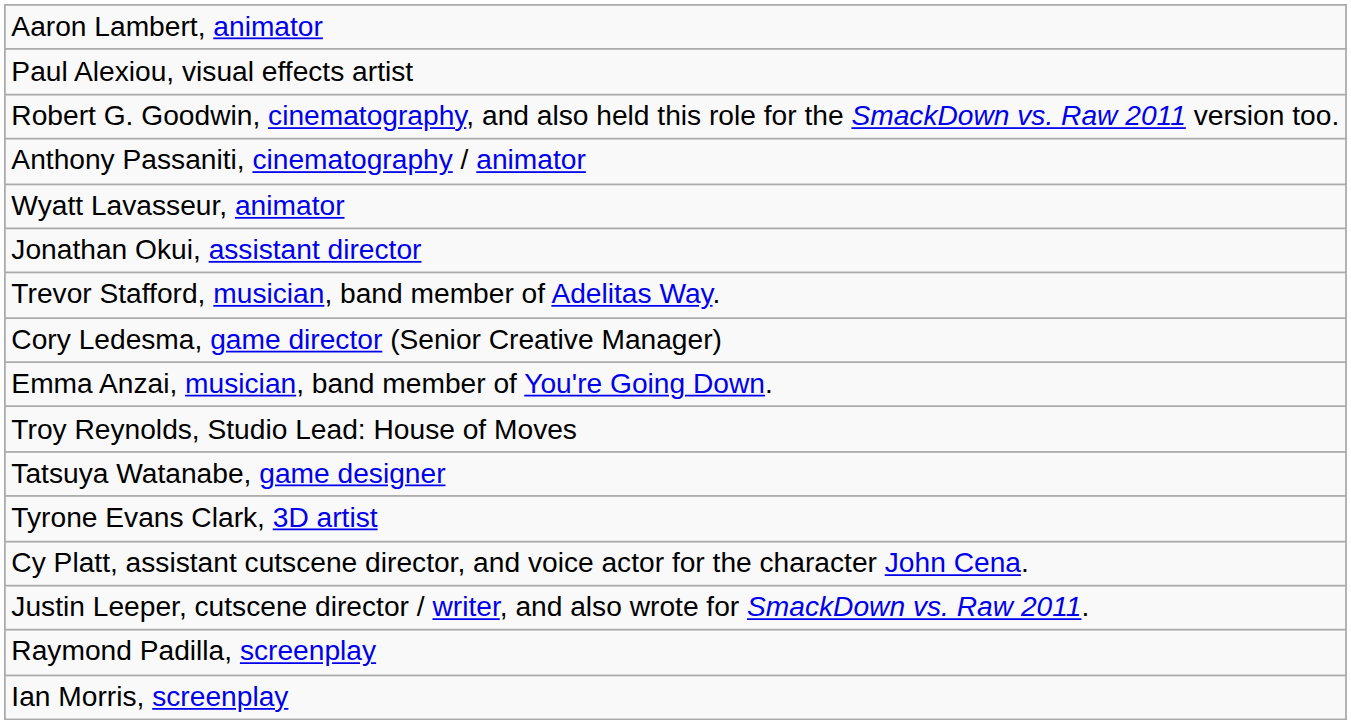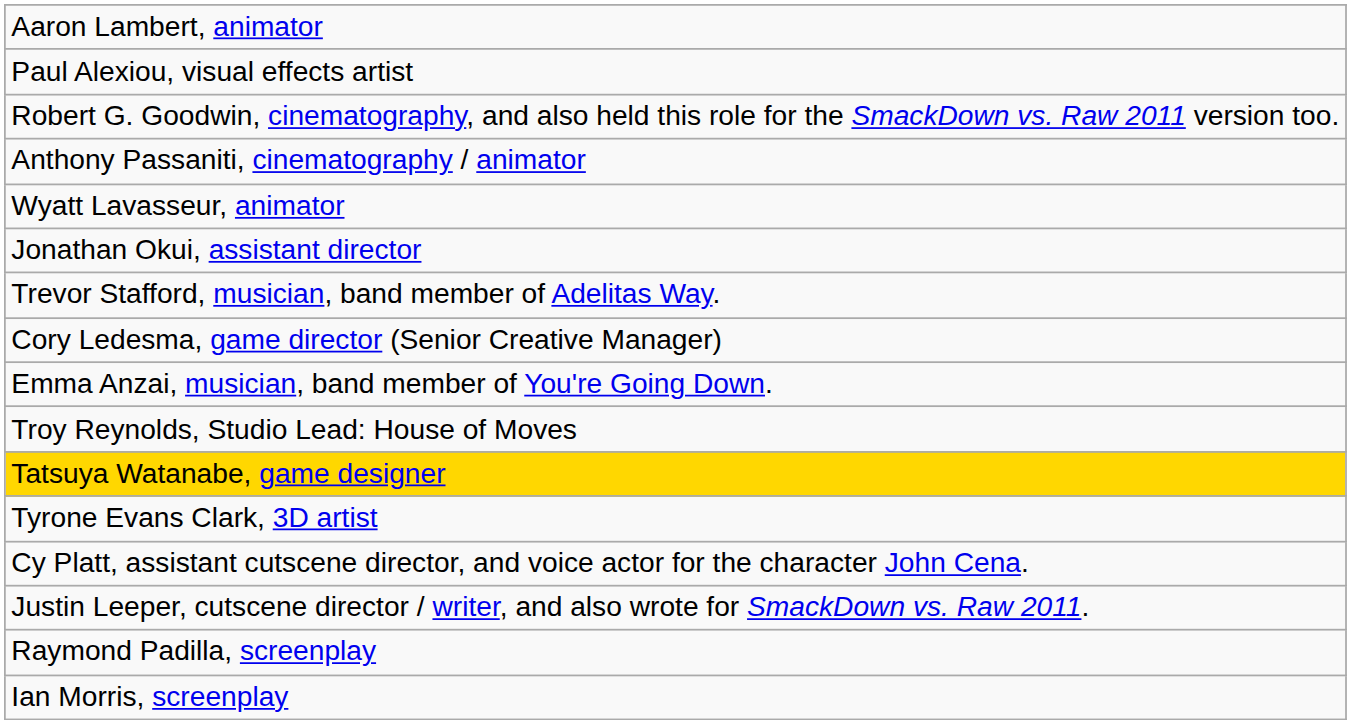 <table class="wikitable">
 <tr>
 <td>Aaron Lambert, <a href='#'>animator</a></td>
 </tr>
 <tr>
 <td>Paul Alexiou, visual effects artist</td>
 </tr>
 <tr>
 <td>Robert G. Goodwin, <a href='#'>cinematography</a>, and also held this role for the <a href='#'><em>SmackDown vs. Raw 2011</em></a> version too.</td>
 </tr>
 <tr>
 <td>Anthony Passaniti, <a href='#'>cinematography</a> / <a href='#'>animator</a></td>
 </tr>
 <tr>
 <td>Wyatt Lavasseur, <a href='#'>animator</a></td>
 </tr>
 <tr>
 <td>Jonathan Okui, <a href='#'>assistant director</a></td>
 </tr>
 <tr>
 <td>Trevor Stafford, <a href='#'>musician</a>, band member of <a href='#'>Adelitas Way</a>.</td>
 </tr>
 <tr>
 <td>Cory Ledesma, <a href='#'>game director</a> (Senior Creative Manager)</td>
 </tr>
 <tr>
 <td>Emma Anzai, <a href='#'>musician</a>, band member of <a href='#'>You're Going Down</a>.</td>
 </tr>
 <tr>
 <td>Troy Reynolds, Studio Lead: House of Moves</td>
 </tr>
 <tr>
-<td>Tatsuya Watanabe, <a href='#'>game designer</a></td>
+<td style="background: gold;">Tatsuya Watanabe, <a href='#'>game designer</a></td>
 </tr>
 <tr>
 <td>Tyrone Evans Clark, <a href='#'>3D artist</a></td>
 </tr>
 <tr>
 <td>Cy Platt, assistant cutscene director, and voice actor for the character <a href='#'>John Cena</a>.</td>
 </tr>
 <tr>
 <td>Justin Leeper, cutscene director / <a href='#'>writer</a>, and also wrote for <a href='#'><em>SmackDown vs. Raw 2011</em></a>.</td>
 </tr>
 <tr>
 <td>Raymond Padilla, <a href='#'>screenplay</a></td>
 </tr>
 <tr>
 <td>Ian Morris, <a href='#'>screenplay</a></td>
 </tr>
 </table>
